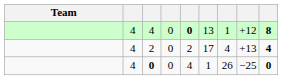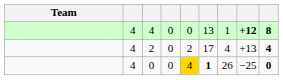 <table class=wikitable style="text-align:center">
 <tr>
 <th width=165>Team</th>
 <th width=20></th>
 <th width=20></th>
 <th width=20></th>
 <th width=20></th>
 <th width=20></th>
 <th width=20></th>
 <th width=20></th>
 <th width=20></th>
 </tr>
 <tr align=center bgcolor=ccffcc>
 <td align=left></td>
 <td>4</td>
 <td>4</td>
 <td>0</td>
-<td><strong>0</strong></td>
+<td>0</td>
 <td>13</td>
 <td>1</td>
-<td>+12</td>
+<td><strong>+12</strong></td>
 <td><strong>8</strong></td>
 </tr>
 <tr align=center>
 <td align=left></td>
 <td>4</td>
 <td>2</td>
 <td>0</td>
 <td>2</td>
 <td>17</td>
 <td>4</td>
 <td>+13</td>
 <td><strong>4</strong></td>
 </tr>
 <tr align=center>
 <td align=left></td>
 <td>4</td>
-<td><strong>0</strong></td>
 <td>0</td>
-<td>4</td>
-<td>1</td>
+<td>0</td>
+<td style="background: gold;">4</td>
+<td><strong>1</strong></td>
 <td>26</td>
 <td>−25</td>
 <td><strong>0</strong></td>
 </tr>
 </table>
